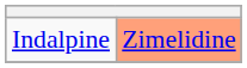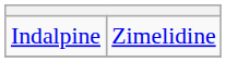 <table class="wikitable" style="font-size:smaller; text-align:center">
 <tr>
 <th colspan="2"></th>
 </tr>
 <tr>
 <td> <a href='#'>Indalpine</a></td>
-<td style="background: lightsalmon;"> <a href='#'>Zimelidine</a></td>
+<td> <a href='#'>Zimelidine</a></td>
 </tr>
 <tr>
 </tr>
 </table>
